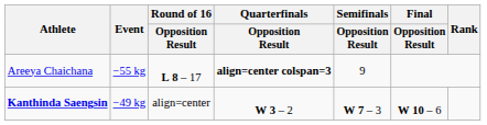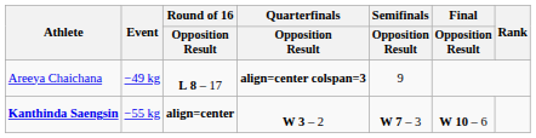 <table class="wikitable" style="font-size:90%;">
 <tr>
 <th rowspan=2>Athlete</th>
 <th rowspan=2>Event</th>
 <th>Round of 16</th>
 <th>Quarterfinals</th>
 <th>Semifinals</th>
 <th>Final</th>
 <th rowspan=2>Rank</th>
 </tr>
 <tr style="font-size:95%">
 <th>Opposition<br>Result</th>
 <th>Opposition<br>Result</th>
 <th>Opposition<br>Result</th>
 <th>Opposition<br>Result</th>
 </tr>
 <tr align=center>
 <td align=left><a href='#'>Areeya Chaichana</a></td>
-<td align=left><a href='#'>−55 kg</a></td>
+<td align=left><a href='#'>−49 kg</a></td>
 <td align=center><br><strong>L</strong> <strong>8</strong> – 17</td>
 <td><strong>align=center colspan=3 </strong></td>
 <td align=center>9</td>
 </tr>
 <tr align=center>
 <td align=left><strong><a href='#'>Kanthinda Saengsin</a></strong></td>
-<td align=left><a href='#'>−49 kg</a></td>
-<td>align=center </td>
+<td align=left><a href='#'>−55 kg</a></td>
+<td><strong>align=center </strong></td>
 <td align=center><br><strong>W</strong> <strong>3</strong> – 2</td>
 <td align=center><br><strong>W</strong> <strong>7</strong> – 3</td>
 <td align=center><br><strong>W</strong> <strong>10</strong> – 6</td>
 <td align=center></td>
 </tr>
 </table>
